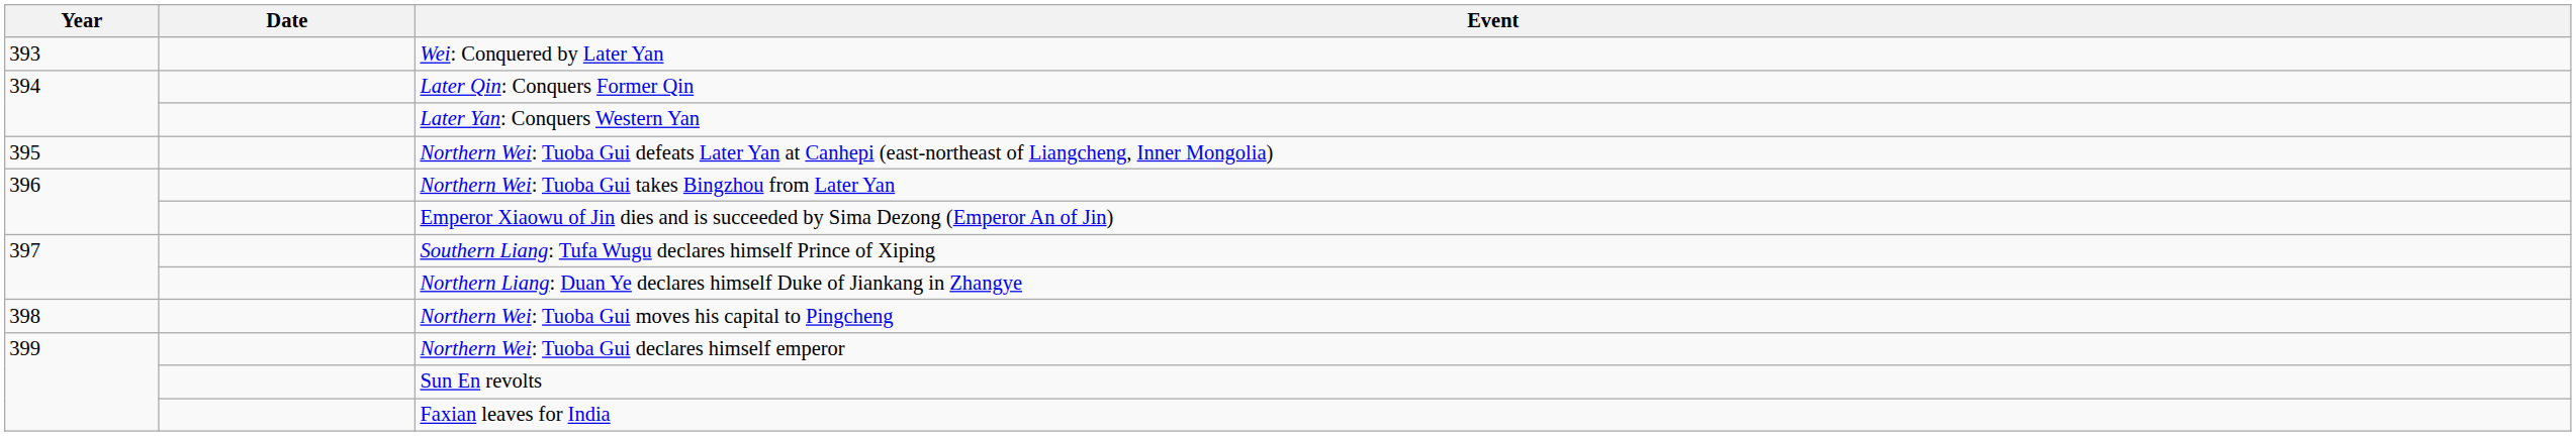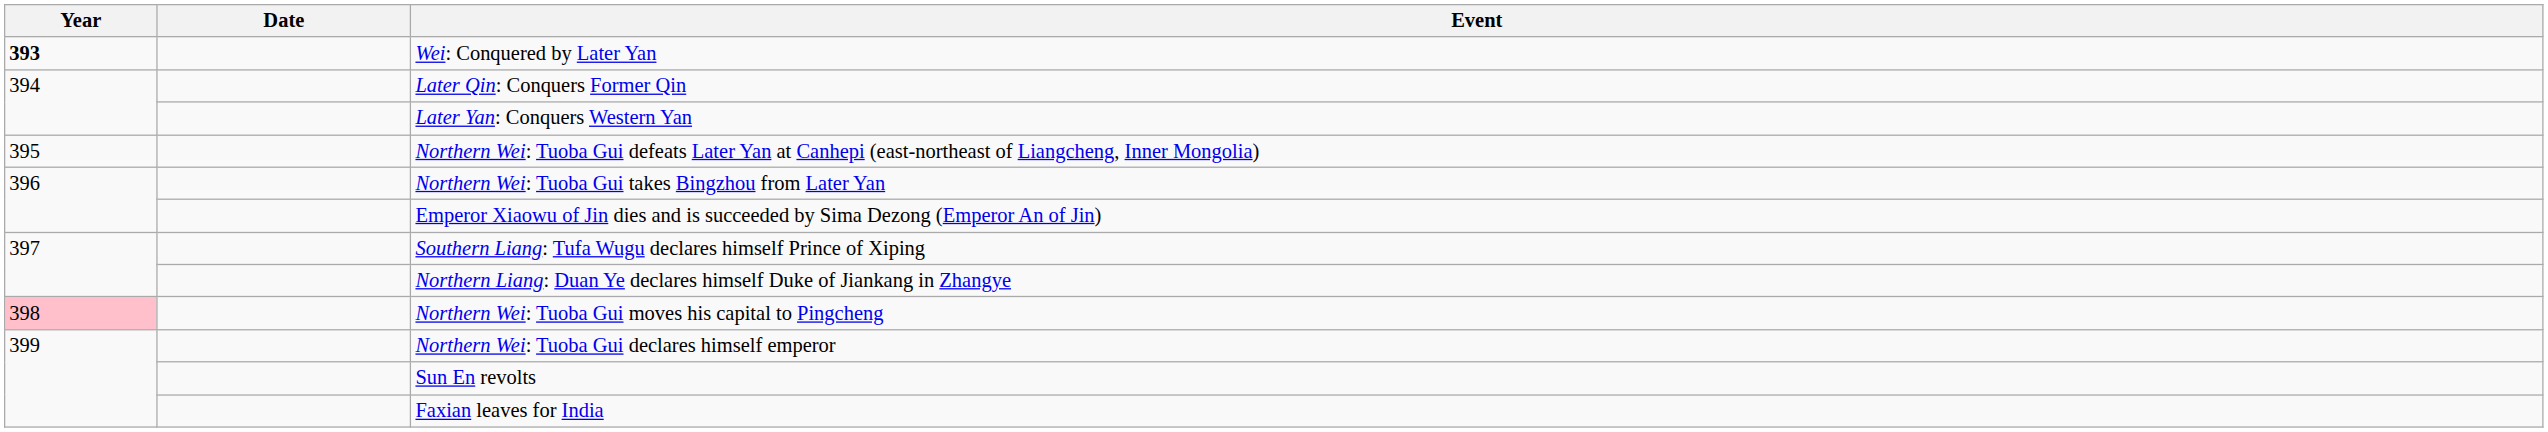 <table class="wikitable" style="width:100%;">
 <tr>
 <th style="width:6%">Year</th>
 <th style="width:10%">Date</th>
 <th>Event</th>
 </tr>
 <tr>
-<td>393</td>
+<td><strong>393</strong></td>
 <td></td>
 <td><em><a href='#'>Wei</a></em>: Conquered by <a href='#'>Later Yan</a></td>
 </tr>
 <tr>
 <td rowspan="2" style="vertical-align:top;">394</td>
 <td></td>
 <td><em><a href='#'>Later Qin</a></em>: Conquers <a href='#'>Former Qin</a></td>
 </tr>
 <tr>
 <td></td>
 <td><em><a href='#'>Later Yan</a></em>: Conquers <a href='#'>Western Yan</a></td>
 </tr>
 <tr>
 <td>395</td>
 <td></td>
 <td><em><a href='#'>Northern Wei</a></em>: <a href='#'>Tuoba Gui</a> defeats <a href='#'>Later Yan</a> at <a href='#'>Canhepi</a> (east-northeast of <a href='#'>Liangcheng</a>, <a href='#'>Inner Mongolia</a>)</td>
 </tr>
 <tr>
 <td rowspan="2" style="vertical-align:top;">396</td>
 <td></td>
 <td><em><a href='#'>Northern Wei</a></em>: <a href='#'>Tuoba Gui</a> takes <a href='#'>Bingzhou</a> from <a href='#'>Later Yan</a></td>
 </tr>
 <tr>
 <td></td>
 <td><a href='#'>Emperor Xiaowu of Jin</a> dies and is succeeded by Sima Dezong (<a href='#'>Emperor An of Jin</a>)</td>
 </tr>
 <tr>
 <td rowspan="2" style="vertical-align:top;">397</td>
 <td></td>
 <td><em><a href='#'>Southern Liang</a></em>: <a href='#'>Tufa Wugu</a> declares himself Prince of Xiping</td>
 </tr>
 <tr>
 <td></td>
 <td><em><a href='#'>Northern Liang</a></em>: <a href='#'>Duan Ye</a> declares himself Duke of Jiankang in <a href='#'>Zhangye</a></td>
 </tr>
 <tr>
-<td>398</td>
+<td style="background: pink;">398</td>
 <td></td>
 <td><em><a href='#'>Northern Wei</a></em>: <a href='#'>Tuoba Gui</a> moves his capital to <a href='#'>Pingcheng</a></td>
 </tr>
 <tr>
 <td rowspan="3" style="vertical-align:top;">399</td>
 <td></td>
 <td><em><a href='#'>Northern Wei</a></em>: <a href='#'>Tuoba Gui</a> declares himself emperor</td>
 </tr>
 <tr>
 <td></td>
 <td><a href='#'>Sun En</a> revolts</td>
 </tr>
 <tr>
 <td></td>
 <td><a href='#'>Faxian</a> leaves for <a href='#'>India</a></td>
 </tr>
 </table>
